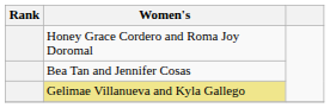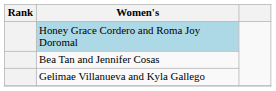 <table class="wikitable" style="text-align: center;">
 <tr>
 <th width=40>Rank</th>
 <th width=290>Women's</th>
 <th width=40></th>
 </tr>
 <tr>
 <th></th>
-<td style="text-align:left;">Honey Grace Cordero and Roma Joy Doromal </td>
+<td style="background: lightblue; text-align:left;">Honey Grace Cordero and Roma Joy Doromal </td>
 <td rowspan=3></td>
 </tr>
 <tr>
 <th></th>
 <td style="text-align:left;">Bea Tan and Jennifer Cosas </td>
 </tr>
 <tr>
 <th></th>
-<td style="background: khaki; text-align:left;">Gelimae Villanueva and Kyla Gallego </td>
+<td style="text-align:left;">Gelimae Villanueva and Kyla Gallego </td>
 </tr>
 <tr>
 </tr>
 </table>
